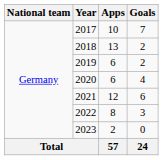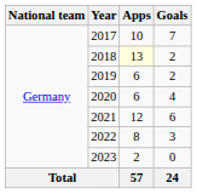 <table class="wikitable" style="text-align: center;">
 <tr>
 <th>National team</th>
 <th>Year</th>
 <th>Apps</th>
 <th>Goals</th>
 </tr>
 <tr>
 <td rowspan="7"><a href='#'>Germany</a></td>
 <td>2017</td>
 <td>10</td>
 <td>7</td>
 </tr>
 <tr>
 <td>2018</td>
-<td>13</td>
+<td style="background: lightyellow;">13</td>
 <td>2</td>
 </tr>
 <tr>
 <td>2019</td>
 <td>6</td>
 <td>2</td>
 </tr>
 <tr>
 <td>2020</td>
 <td>6</td>
 <td>4</td>
 </tr>
 <tr>
 <td>2021</td>
 <td>12</td>
 <td>6</td>
 </tr>
 <tr>
 <td>2022</td>
 <td>8</td>
 <td>3</td>
 </tr>
 <tr>
 <td>2023</td>
 <td>2</td>
 <td>0</td>
 </tr>
 <tr>
 <th colspan="2">Total</th>
 <th>57</th>
 <th>24</th>
 </tr>
 </table>
